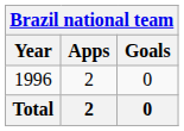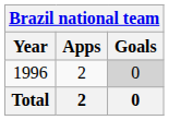 <table class="wikitable" style="text-align:center">
 <tr>
 <th colspan=3><a href='#'>Brazil national team</a></th>
 </tr>
 <tr>
 <th>Year</th>
 <th>Apps</th>
 <th>Goals</th>
 </tr>
 <tr>
 <td>1996</td>
 <td>2</td>
-<td>0</td>
+<td style="background: lightgrey;">0</td>
 </tr>
 <tr>
 <th>Total</th>
 <th>2</th>
 <th>0</th>
 </tr>
 </table>
